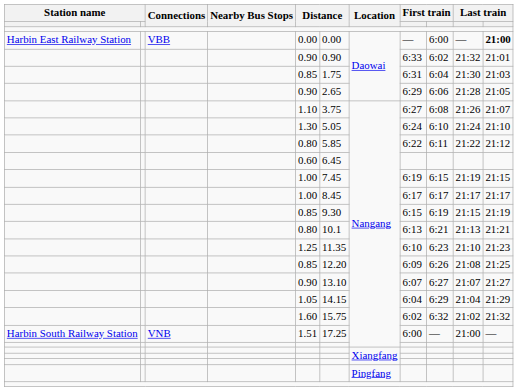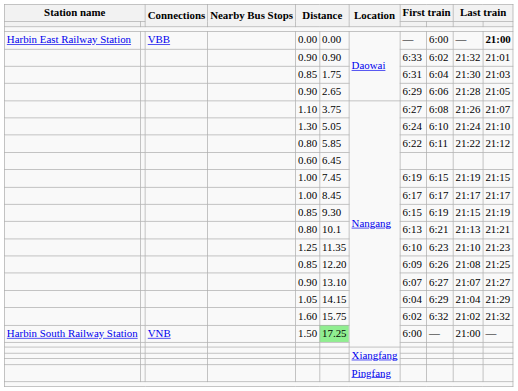 <table class="wikitable">
 <tr>
 <th colspan="2">Station name</th>
 <th rowspan="2">Connections</th>
 <th rowspan="2">Nearby Bus Stops</th>
 <th colspan="2" rowspan="2">Distance<br></th>
 <th rowspan="2">Location</th>
 <th colspan="2">First train</th>
 <th colspan="2">Last train</th>
 </tr>
 <tr>
 <th></th>
 <th></th>
 <th></th>
 <th></th>
 <th></th>
 <th></th>
 </tr>
 <tr style="background:#">
 <td colspan = "11"></td>
 </tr>
 <tr>
 <td><a href='#'>Harbin East Railway Station</a></td>
 <td></td>
 <td> <a href='#'>VBB</a></td>
 <td></td>
 <td>0.00</td>
 <td>0.00</td>
 <td rowspan="4"><a href='#'>Daowai</a></td>
 <td>—</td>
 <td>6:00</td>
 <td>—</td>
 <td><strong>21:00</strong></td>
 </tr>
 <tr>
 <td></td>
 <td></td>
 <td></td>
 <td></td>
 <td>0.90</td>
 <td>0.90</td>
 <td>6:33</td>
 <td>6:02</td>
 <td>21:32</td>
 <td>21:01</td>
 </tr>
 <tr>
 <td></td>
 <td></td>
 <td></td>
 <td></td>
 <td>0.85</td>
 <td>1.75</td>
 <td>6:31</td>
 <td>6:04</td>
 <td>21:30</td>
 <td>21:03</td>
 </tr>
 <tr>
 <td></td>
 <td></td>
 <td></td>
 <td></td>
 <td>0.90</td>
 <td>2.65</td>
 <td>6:29</td>
 <td>6:06</td>
 <td>21:28</td>
 <td>21:05</td>
 </tr>
 <tr>
 <td></td>
 <td></td>
 <td></td>
 <td></td>
 <td>1.10</td>
 <td>3.75</td>
 <td rowspan="15"><a href='#'>Nangang</a></td>
 <td>6:27</td>
 <td>6:08</td>
 <td>21:26</td>
 <td>21:07</td>
 </tr>
 <tr>
 <td></td>
 <td></td>
 <td></td>
 <td></td>
 <td>1.30</td>
 <td>5.05</td>
 <td>6:24</td>
 <td>6:10</td>
 <td>21:24</td>
 <td>21:10</td>
 </tr>
 <tr>
 <td></td>
 <td></td>
 <td></td>
 <td></td>
 <td>0.80</td>
 <td>5.85</td>
 <td>6:22</td>
 <td>6:11</td>
 <td>21:22</td>
 <td>21:12</td>
 </tr>
 <tr>
 <td></td>
 <td></td>
 <td></td>
 <td></td>
 <td>0.60</td>
 <td>6.45</td>
 <td></td>
 <td></td>
 <td></td>
 <td></td>
 </tr>
 <tr>
 <td></td>
 <td></td>
 <td></td>
 <td></td>
 <td>1.00</td>
 <td>7.45</td>
 <td>6:19</td>
 <td>6:15</td>
 <td>21:19</td>
 <td>21:15</td>
 </tr>
 <tr>
 <td></td>
 <td></td>
 <td></td>
 <td></td>
 <td>1.00</td>
 <td>8.45</td>
 <td>6:17</td>
 <td>6:17</td>
 <td>21:17</td>
 <td>21:17</td>
 </tr>
 <tr>
 <td></td>
 <td></td>
 <td></td>
 <td></td>
 <td>0.85</td>
 <td>9.30</td>
 <td>6:15</td>
 <td>6:19</td>
 <td>21:15</td>
 <td>21:19</td>
 </tr>
 <tr>
 <td></td>
 <td></td>
 <td></td>
 <td></td>
 <td>0.80</td>
 <td>10.1</td>
 <td>6:13</td>
 <td>6:21</td>
 <td>21:13</td>
 <td>21:21</td>
 </tr>
 <tr>
 <td></td>
 <td></td>
 <td></td>
 <td></td>
 <td>1.25</td>
 <td>11.35</td>
 <td>6:10</td>
 <td>6:23</td>
 <td>21:10</td>
 <td>21:23</td>
 </tr>
 <tr>
 <td></td>
 <td></td>
 <td></td>
 <td></td>
 <td>0.85</td>
 <td>12.20</td>
 <td>6:09</td>
 <td>6:26</td>
 <td>21:08</td>
 <td>21:25</td>
 </tr>
 <tr>
 <td></td>
 <td></td>
 <td></td>
 <td></td>
 <td>0.90</td>
 <td>13.10</td>
 <td>6:07</td>
 <td>6:27</td>
 <td>21:07</td>
 <td>21:27</td>
 </tr>
 <tr>
 <td></td>
 <td></td>
 <td></td>
 <td></td>
 <td>1.05</td>
 <td>14.15</td>
 <td>6:04</td>
 <td>6:29</td>
 <td>21:04</td>
 <td>21:29</td>
 </tr>
 <tr>
 <td></td>
 <td></td>
 <td></td>
 <td></td>
 <td>1.60</td>
 <td>15.75</td>
 <td>6:02</td>
 <td>6:32</td>
 <td>21:02</td>
 <td>21:32</td>
 </tr>
 <tr>
 <td><a href='#'>Harbin South Railway Station</a></td>
 <td></td>
 <td> <a href='#'>VNB</a></td>
 <td></td>
-<td>1.51</td>
-<td>17.25</td>
+<td>1.50</td>
+<td style="background: lightgreen;">17.25</td>
 <td>6:00</td>
 <td>—</td>
 <td>21:00</td>
 <td>—</td>
 </tr>
 <tr>
 <td></td>
 <td></td>
 <td></td>
 <td></td>
 <td></td>
 <td></td>
 <td></td>
 <td></td>
 <td></td>
 <td></td>
 </tr>
 <tr>
 <td></td>
 <td></td>
 <td></td>
 <td></td>
 <td></td>
 <td></td>
 <td rowspan="3"><a href='#'>Xiangfang</a></td>
 <td></td>
 <td></td>
 <td></td>
 <td></td>
 </tr>
 <tr>
 <td></td>
 <td></td>
 <td></td>
 <td></td>
 <td></td>
 <td></td>
 <td></td>
 <td></td>
 <td></td>
 <td></td>
 </tr>
 <tr>
 <td></td>
 <td></td>
 <td></td>
 <td></td>
 <td></td>
 <td></td>
 <td></td>
 <td></td>
 <td></td>
 <td></td>
 </tr>
 <tr>
 <td></td>
 <td></td>
 <td></td>
 <td></td>
 <td></td>
 <td></td>
 <td rowspan="1"><a href='#'>Pingfang</a></td>
 <td></td>
 <td></td>
 <td></td>
 <td></td>
 </tr>
 <tr style="background:#">
 <td colspan = "11"></td>
 </tr>
 </table>
